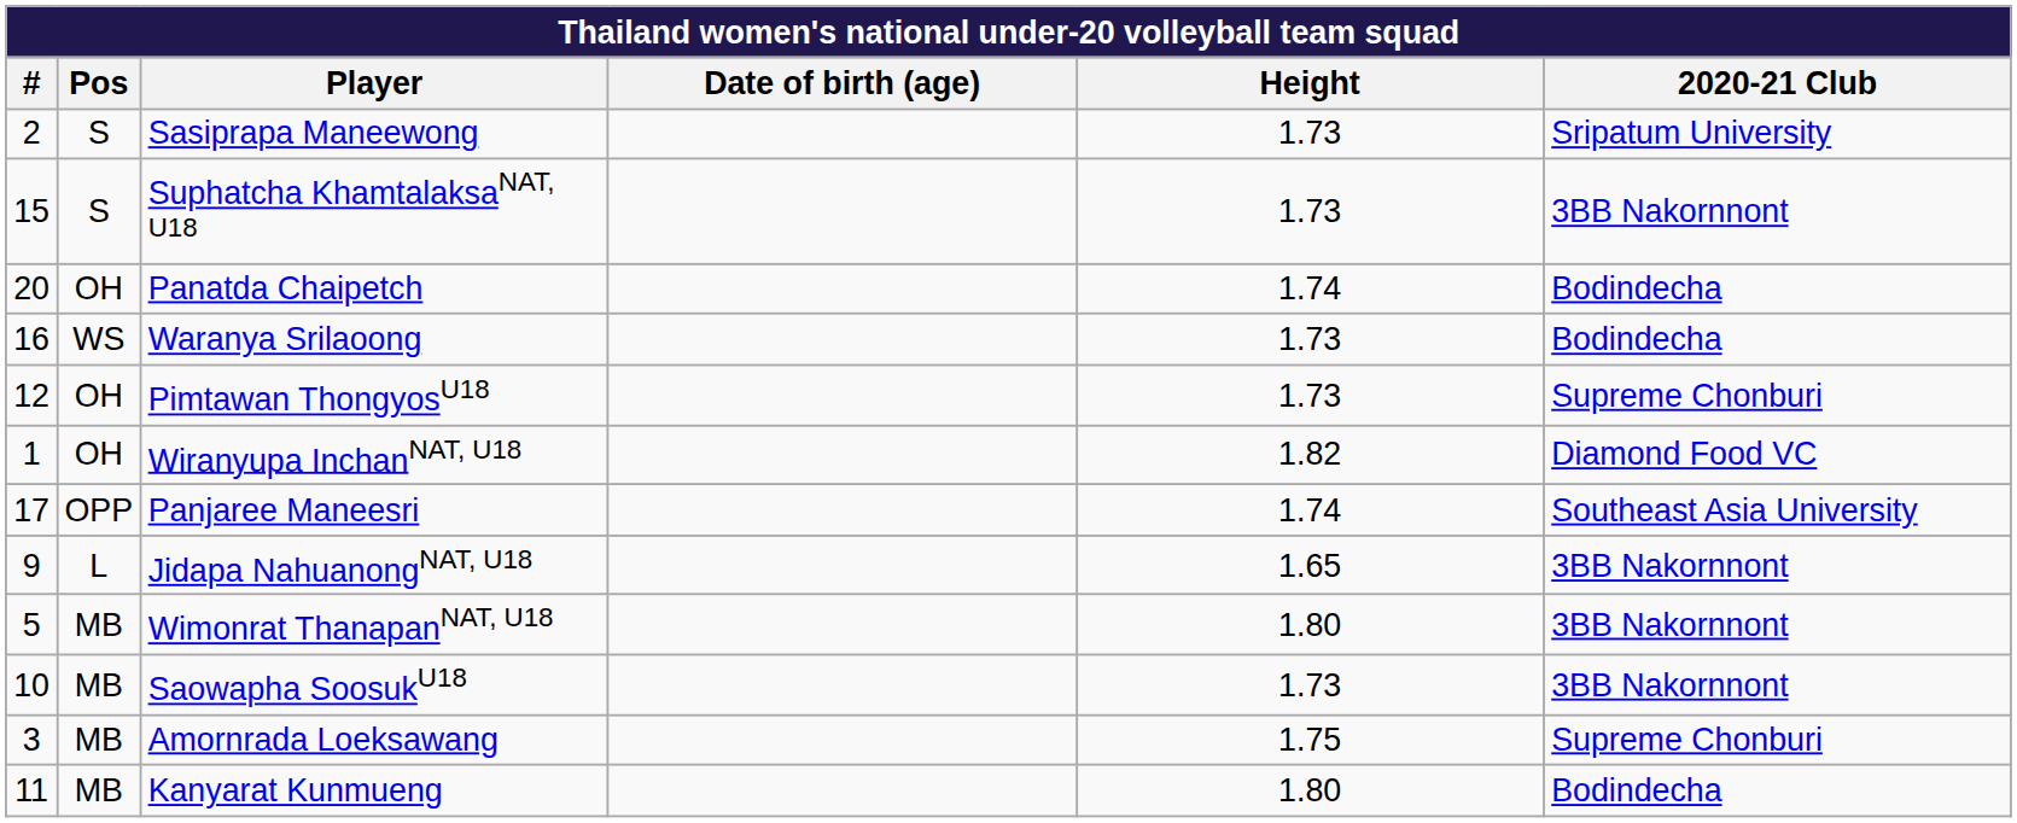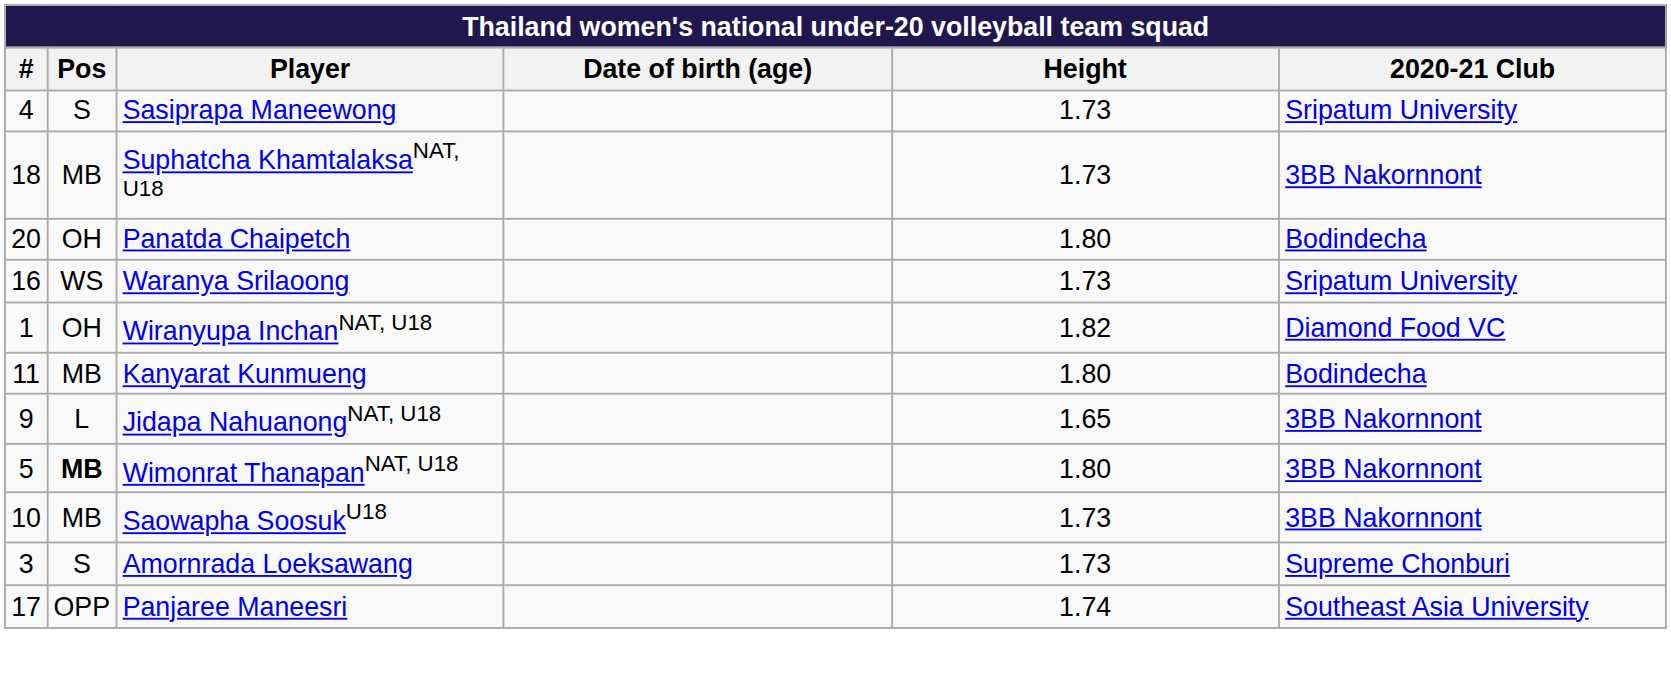 <table class="wikitable sortable" style="font-size:90%; text-align:left;">
 <tr>
 <th colspan=6 style="background:#1F174E; color:#FFFFFF;">Thailand women's national under-20 volleyball team squad</th>
 </tr>
 <tr>
 <th>#</th>
 <th>Pos</th>
 <th style="width:14em">Player</th>
 <th style="width:14em">Date of birth (age)</th>
 <th style="width:14em">Height</th>
 <th style="width:14em">2020-21 Club</th>
 </tr>
 <tr>
-<td align=center>2</td>
+<td align=center>4</td>
 <td align=center>S</td>
 <td><a href='#'>Sasiprapa Maneewong</a></td>
 <td></td>
 <td align=center>1.73</td>
 <td> <a href='#'>Sripatum University</a></td>
 </tr>
 <tr>
-<td align=center>15</td>
-<td align=center>S</td>
+<td align=center>18</td>
+<td align=center>MB</td>
 <td><a href='#'>Suphatcha Khamtalaksa</a><sup>NAT, U18</sup></td>
 <td></td>
 <td align=center>1.73</td>
 <td> <a href='#'>3BB Nakornnont</a></td>
 </tr>
 <tr>
 <td align=center>20</td>
 <td align=center>OH</td>
 <td><a href='#'>Panatda Chaipetch</a></td>
 <td></td>
-<td align=center>1.74</td>
+<td align=center>1.80</td>
 <td> <a href='#'>Bodindecha</a></td>
 </tr>
 <tr>
 <td align=center>16</td>
 <td align=center>WS</td>
 <td><a href='#'>Waranya Srilaoong</a></td>
 <td></td>
 <td align=center>1.73</td>
-<td> <a href='#'>Bodindecha</a></td>
-</tr>
-<tr>
-<td align=center>12</td>
-<td align=center>OH</td>
-<td><a href='#'>Pimtawan Thongyos</a><sup>U18</sup></td>
-<td></td>
-<td align=center>1.73</td>
-<td> <a href='#'>Supreme Chonburi</a></td>
+<td> <a href='#'>Sripatum University</a></td>
 </tr>
 <tr>
 <td align=center>1</td>
 <td align=center>OH</td>
 <td><a href='#'>Wiranyupa Inchan</a><sup>NAT, U18</sup></td>
 <td></td>
 <td align=center>1.82</td>
 <td> <a href='#'>Diamond Food VC</a></td>
 </tr>
 <tr>
-<td align=center>17</td>
-<td align=center>OPP</td>
-<td><a href='#'>Panjaree Maneesri</a></td>
+<td align=center>11</td>
+<td align=center>MB</td>
+<td><a href='#'>Kanyarat Kunmueng</a></td>
 <td></td>
-<td align=center>1.74</td>
-<td> <a href='#'>Southeast Asia University</a></td>
+<td align=center>1.80</td>
+<td> <a href='#'>Bodindecha</a></td>
 </tr>
 <tr>
 <td align=center>9</td>
 <td align=center>L</td>
 <td><a href='#'>Jidapa Nahuanong</a><sup>NAT, U18</sup></td>
 <td></td>
 <td align=center>1.65</td>
 <td> <a href='#'>3BB Nakornnont</a></td>
 </tr>
 <tr>
 <td align=center>5</td>
-<td align=center>MB</td>
+<td align=center><strong>MB</strong></td>
 <td><a href='#'>Wimonrat Thanapan</a><sup>NAT, U18</sup></td>
 <td></td>
 <td align=center>1.80</td>
 <td> <a href='#'>3BB Nakornnont</a></td>
 </tr>
 <tr>
 <td align=center>10</td>
 <td align=center>MB</td>
 <td><a href='#'>Saowapha Soosuk</a><sup>U18</sup></td>
 <td></td>
 <td align=center>1.73</td>
 <td> <a href='#'>3BB Nakornnont</a></td>
 </tr>
 <tr>
 <td align=center>3</td>
-<td align=center>MB</td>
+<td align=center>S</td>
 <td><a href='#'>Amornrada Loeksawang</a></td>
 <td></td>
-<td align=center>1.75</td>
+<td align=center>1.73</td>
 <td> <a href='#'>Supreme Chonburi</a></td>
 </tr>
 <tr>
-<td align=center>11</td>
-<td align=center>MB</td>
-<td><a href='#'>Kanyarat Kunmueng</a></td>
+<td align=center>17</td>
+<td align=center>OPP</td>
+<td><a href='#'>Panjaree Maneesri</a></td>
 <td></td>
-<td align=center>1.80</td>
-<td> <a href='#'>Bodindecha</a></td>
+<td align=center>1.74</td>
+<td> <a href='#'>Southeast Asia University</a></td>
 </tr>
 </table>
